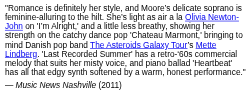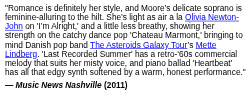 <table class="toccolours" style="float: left; margin-left: 1em; margin-right: 2em; font-size: 85%; background:offwhite; color:black; width:30em; max-width: 40%;" cellspacing="5">
 <tr>
 <td style="text-align: left;">"Romance is definitely her style, and Moore’s delicate soprano is feminine-alluring to the hilt. She’s light as air a la <a href='#'>Olivia Newton-John</a> on 'I’m Alright,' and a little less breathy, showing her strength on the catchy dance pop 'Chateau Marmont,' bringing to mind Danish pop band <a href='#'>The Asteroids Galaxy Tour</a>’s <a href='#'>Mette Lindberg</a>. 'Last Recorded Summer' has a retro-‘60s commercial melody that suits her misty voice, and piano ballad 'Heartbeat' has all that edgy synth softened by a warm, honest performance."</td>
 </tr>
 <tr>
-<td style="text-align: left;">— <em> Music News Nashville</em> (2011)</td>
+<td style="text-align: left;"><strong>— <em> Music News Nashville</em> (2011)</strong></td>
 </tr>
 </table>
